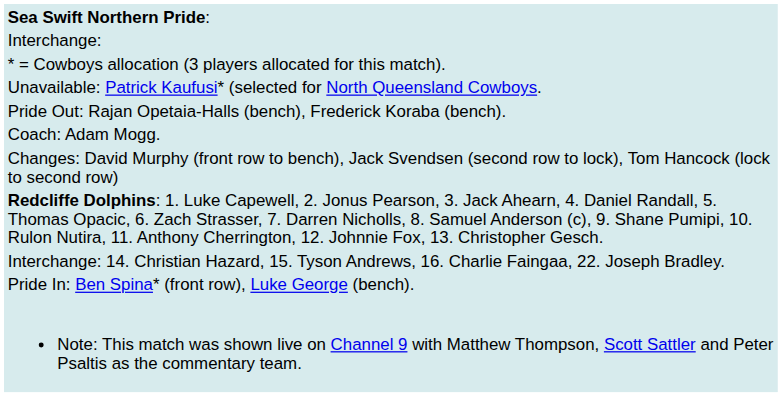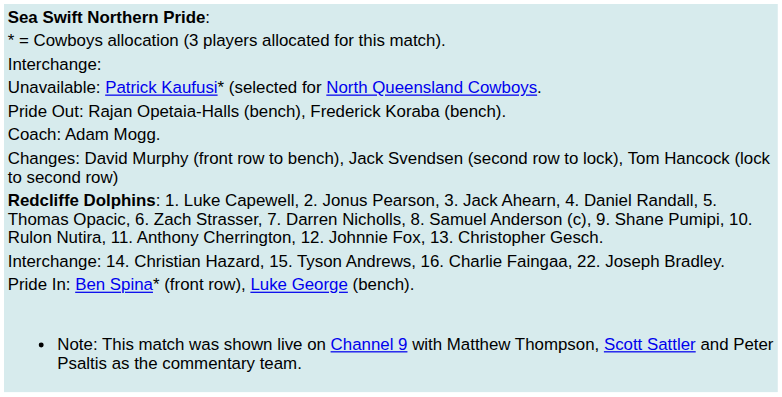 <table style="background:#d7ebed; font-size:85%; width:100%;">
 <tr>
 <td><strong>Sea Swift Northern Pride</strong>:             </td>
 </tr>
 <tr>
-<td>Interchange:    </td>
+<td>* = Cowboys allocation (3 players allocated for this match).</td>
 </tr>
 <tr>
-<td>* = Cowboys allocation (3 players allocated for this match).</td>
+<td>Interchange:    </td>
 </tr>
 <tr>
 <td>Unavailable: <a href='#'>Patrick Kaufusi</a>* (selected for <a href='#'>North Queensland Cowboys</a>.</td>
 </tr>
 <tr>
 <td>Pride Out: Rajan Opetaia-Halls (bench), Frederick Koraba (bench).</td>
 </tr>
 <tr>
 <td>Coach: Adam Mogg.</td>
 </tr>
 <tr>
 <td>Changes: David Murphy (front row to bench), Jack Svendsen (second row to lock), Tom Hancock (lock to second row)</td>
 </tr>
 <tr>
 <td><strong>Redcliffe Dolphins</strong>: 1. Luke Capewell, 2. Jonus Pearson, 3. Jack Ahearn, 4. Daniel Randall, 5. Thomas Opacic, 6. Zach Strasser, 7. Darren Nicholls, 8. Samuel Anderson (c), 9. Shane Pumipi, 10. Rulon Nutira, 11. Anthony Cherrington, 12. Johnnie Fox, 13. Christopher Gesch.</td>
 </tr>
 <tr>
 <td>Interchange: 14. Christian Hazard, 15. Tyson Andrews, 16. Charlie Faingaa, 22. Joseph Bradley.</td>
 </tr>
 <tr>
 <td>Pride In: <a href='#'>Ben Spina</a>* (front row), <a href='#'>Luke George</a> (bench).</td>
 </tr>
 <tr>
 <td><br><ul><li>Note: This match was shown live on <a href='#'>Channel 9</a> with Matthew Thompson, <a href='#'>Scott Sattler</a> and Peter Psaltis as the commentary team.</li></ul></td>
 </tr>
 </table>
